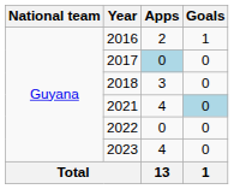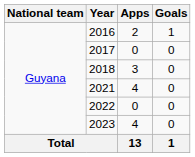 <table class="wikitable" style="text-align: center;">
 <tr>
 <th>National team</th>
 <th>Year</th>
 <th>Apps</th>
 <th>Goals</th>
 </tr>
 <tr>
 <td rowspan="6"><a href='#'>Guyana</a></td>
 <td>2016</td>
 <td>2</td>
 <td>1</td>
 </tr>
 <tr>
 <td>2017</td>
-<td style="background: lightblue;">0</td>
+<td>0</td>
 <td>0</td>
 </tr>
 <tr>
 <td>2018</td>
 <td>3</td>
 <td>0</td>
 </tr>
 <tr>
 <td>2021</td>
 <td>4</td>
-<td style="background: lightblue;">0</td>
+<td>0</td>
 </tr>
 <tr>
 <td>2022</td>
 <td>0</td>
 <td>0</td>
 </tr>
 <tr>
 <td>2023</td>
 <td>4</td>
 <td>0</td>
 </tr>
 <tr>
 <th colspan="2">Total</th>
 <th>13</th>
 <th>1</th>
 </tr>
 </table>
